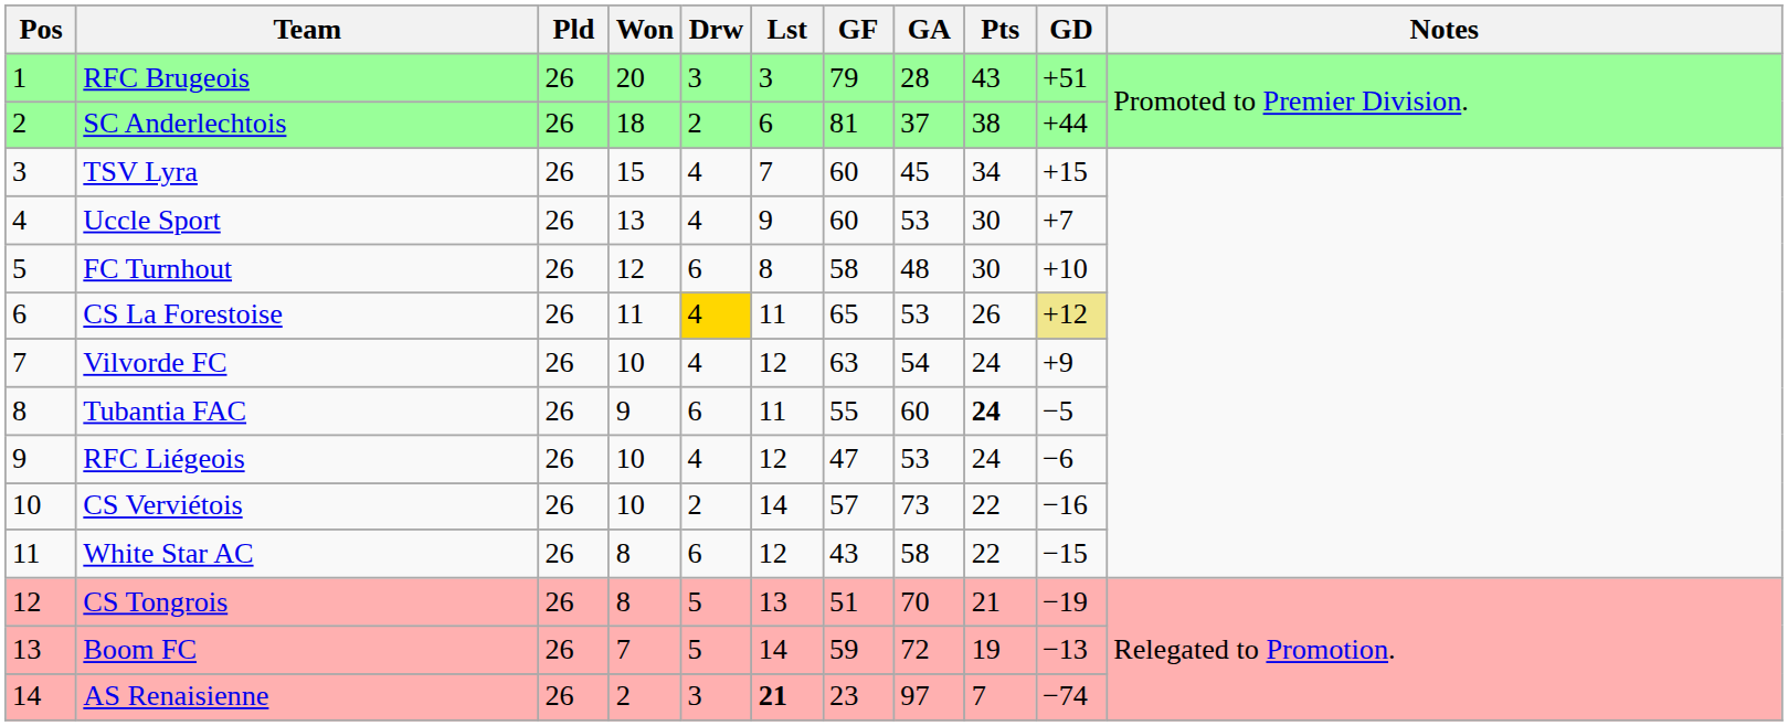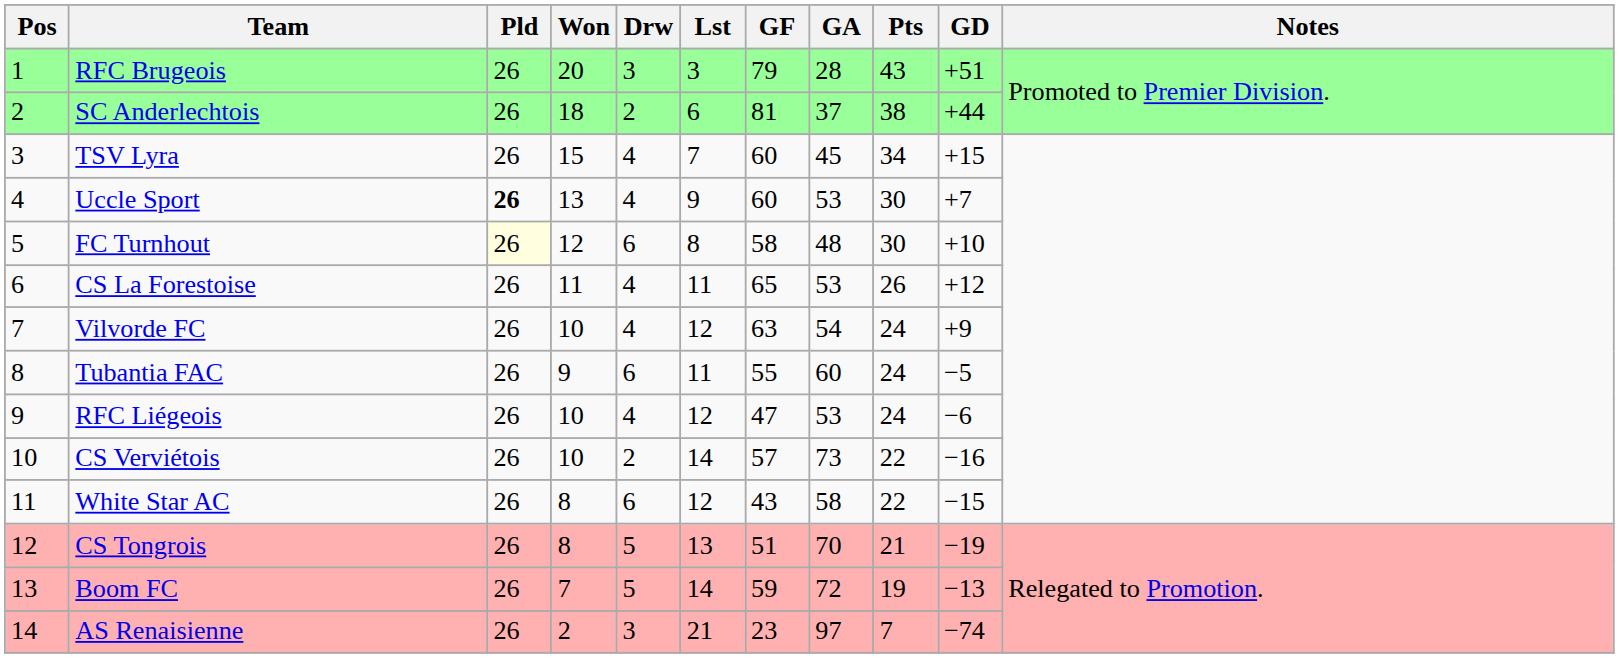 <table class="wikitable" width=70% style="font-size:90%">
 <tr>
 <th width=4%><strong>Pos</strong></th>
 <th width=26%><strong>Team</strong></th>
 <th width=4%><strong>Pld</strong></th>
 <th width=4%><strong>Won</strong></th>
 <th width=4%><strong>Drw</strong></th>
 <th width=4%><strong>Lst</strong></th>
 <th width=4%><strong>GF</strong></th>
 <th width=4%><strong>GA</strong></th>
 <th width=4%><strong>Pts</strong></th>
 <th width=4%><strong>GD</strong></th>
 <th width=38%><strong>Notes</strong></th>
 </tr>
 <tr bgcolor=#99ff99>
 <td>1</td>
 <td><a href='#'>RFC Brugeois</a></td>
 <td>26</td>
 <td>20</td>
 <td>3</td>
 <td>3</td>
 <td>79</td>
 <td>28</td>
 <td>43</td>
 <td>+51</td>
 <td rowspan=2>Promoted to <a href='#'>Premier Division</a>.</td>
 </tr>
 <tr bgcolor=#99ff99>
 <td>2</td>
 <td><a href='#'>SC Anderlechtois</a></td>
 <td>26</td>
 <td>18</td>
 <td>2</td>
 <td>6</td>
 <td>81</td>
 <td>37</td>
 <td>38</td>
 <td>+44</td>
 </tr>
 <tr>
 <td>3</td>
 <td><a href='#'>TSV Lyra</a></td>
 <td>26</td>
 <td>15</td>
 <td>4</td>
 <td>7</td>
 <td>60</td>
 <td>45</td>
 <td>34</td>
 <td>+15</td>
 </tr>
 <tr>
 <td>4</td>
 <td><a href='#'>Uccle Sport</a></td>
-<td>26</td>
+<td><strong>26</strong></td>
 <td>13</td>
 <td>4</td>
 <td>9</td>
 <td>60</td>
 <td>53</td>
 <td>30</td>
 <td>+7</td>
 </tr>
 <tr>
 <td>5</td>
 <td><a href='#'>FC Turnhout</a></td>
-<td>26</td>
+<td style="background: lightyellow;">26</td>
 <td>12</td>
 <td>6</td>
 <td>8</td>
 <td>58</td>
 <td>48</td>
 <td>30</td>
 <td>+10</td>
 </tr>
 <tr>
 <td>6</td>
 <td><a href='#'>CS La Forestoise</a></td>
 <td>26</td>
 <td>11</td>
-<td style="background: gold;">4</td>
+<td>4</td>
 <td>11</td>
 <td>65</td>
 <td>53</td>
 <td>26</td>
-<td style="background: khaki;">+12</td>
+<td>+12</td>
 </tr>
 <tr>
 <td>7</td>
 <td><a href='#'>Vilvorde FC</a></td>
 <td>26</td>
 <td>10</td>
 <td>4</td>
 <td>12</td>
 <td>63</td>
 <td>54</td>
 <td>24</td>
 <td>+9</td>
 </tr>
 <tr>
 <td>8</td>
 <td><a href='#'>Tubantia FAC</a></td>
 <td>26</td>
 <td>9</td>
 <td>6</td>
 <td>11</td>
 <td>55</td>
 <td>60</td>
-<td><strong>24</strong></td>
+<td>24</td>
 <td>−5</td>
 </tr>
 <tr>
 <td>9</td>
 <td><a href='#'>RFC Liégeois</a></td>
 <td>26</td>
 <td>10</td>
 <td>4</td>
 <td>12</td>
 <td>47</td>
 <td>53</td>
 <td>24</td>
 <td>−6</td>
 </tr>
 <tr>
 <td>10</td>
 <td><a href='#'>CS Verviétois</a></td>
 <td>26</td>
 <td>10</td>
 <td>2</td>
 <td>14</td>
 <td>57</td>
 <td>73</td>
 <td>22</td>
 <td>−16</td>
 </tr>
 <tr>
 <td>11</td>
 <td><a href='#'>White Star AC</a></td>
 <td>26</td>
 <td>8</td>
 <td>6</td>
 <td>12</td>
 <td>43</td>
 <td>58</td>
 <td>22</td>
 <td>−15</td>
 </tr>
 <tr bgcolor=#ffb0b0>
 <td>12</td>
 <td><a href='#'>CS Tongrois</a></td>
 <td>26</td>
 <td>8</td>
 <td>5</td>
 <td>13</td>
 <td>51</td>
 <td>70</td>
 <td>21</td>
 <td>−19</td>
 <td rowspan=3>Relegated to <a href='#'>Promotion</a>.</td>
 </tr>
 <tr bgcolor=#ffb0b0>
 <td>13</td>
 <td><a href='#'>Boom FC</a></td>
 <td>26</td>
 <td>7</td>
 <td>5</td>
 <td>14</td>
 <td>59</td>
 <td>72</td>
 <td>19</td>
 <td>−13</td>
 </tr>
 <tr bgcolor=#ffb0b0>
 <td>14</td>
 <td><a href='#'>AS Renaisienne</a></td>
 <td>26</td>
 <td>2</td>
 <td>3</td>
-<td><strong>21</strong></td>
+<td>21</td>
 <td>23</td>
 <td>97</td>
 <td>7</td>
 <td>−74</td>
 </tr>
 </table>
